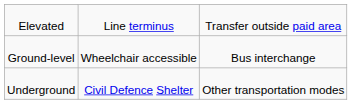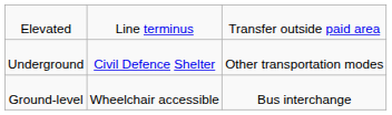 <table class=wikitable>
 <tr>
 <td align=center><br>Elevated</td>
 <td align=center> <br>Line <a href='#'>terminus</a></td>
 <td align=center><br>Transfer outside <a href='#'>paid area</a></td>
 </tr>
 <tr>
+<td align=center><br>Underground</td>
+<td align=center><br><a href='#'>Civil Defence</a> <a href='#'>Shelter</a></td>
+<td align=center>     <br>Other transportation modes</td>
+</tr>
+<tr>
 <td align=center><br>Ground-level</td>
 <td style='border-style:none none none none;text-align:center'><br>Wheelchair accessible</td>
 <td align=center><br>Bus interchange</td>
 </tr>
-<tr>
-<td align=center><br>Underground</td>
-<td align=center><br><a href='#'>Civil Defence</a> <a href='#'>Shelter</a></td>
-<td align=center>     <br>Other transportation modes</td>
-</tr>
 </table>
